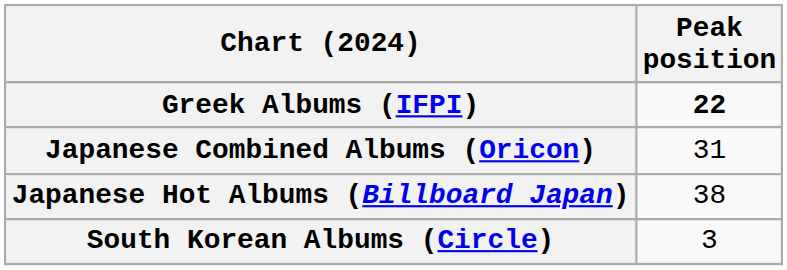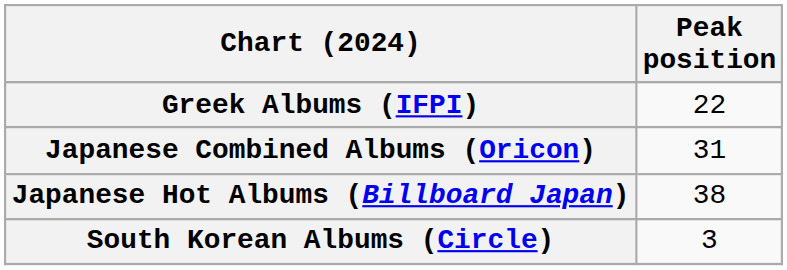 <table class="wikitable sortable plainrowheaders" style="text-align:center">
 <tr>
 <th scope="col">Chart (2024)</th>
 <th scope="col">Peak<br>position</th>
 </tr>
 <tr>
 </tr>
 <tr>
 </tr>
 <tr>
 <th scope="row">Greek Albums (<a href='#'>IFPI</a>)</th>
-<td><strong>22</strong></td>
+<td>22</td>
 </tr>
 <tr>
 </tr>
 <tr>
 </tr>
 <tr>
 <th scope="row">Japanese Combined Albums (<a href='#'>Oricon</a>)</th>
 <td>31</td>
 </tr>
 <tr>
 <th scope="row">Japanese Hot Albums (<em><a href='#'>Billboard Japan</a></em>)</th>
 <td>38</td>
 </tr>
 <tr>
 </tr>
 <tr>
 <th scope="row">South Korean Albums (<a href='#'>Circle</a>)</th>
 <td>3</td>
 </tr>
 <tr>
 </tr>
 <tr>
 </tr>
 </table>
